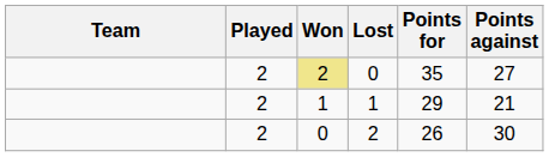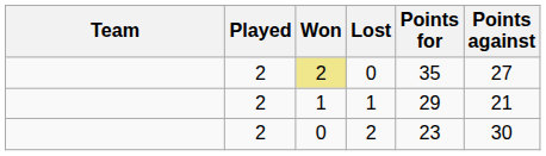 <table class="wikitable" style="text-align:center;">
 <tr>
 <th width=175>Team</th>
 <th width=20>Played</th>
 <th width=20>Won</th>
 <th width=20>Lost</th>
 <th width=20>Points for</th>
 <th width=20>Points against</th>
 </tr>
 <tr>
 <td align=left></td>
 <td>2</td>
 <td style="background: khaki;">2</td>
 <td>0</td>
 <td>35</td>
 <td>27</td>
 </tr>
 <tr>
 <td align=left></td>
 <td>2</td>
 <td>1</td>
 <td>1</td>
 <td>29</td>
 <td>21</td>
 </tr>
 <tr>
 <td align=left></td>
 <td>2</td>
 <td>0</td>
 <td>2</td>
-<td>26</td>
+<td>23</td>
 <td>30</td>
 </tr>
 </table>
